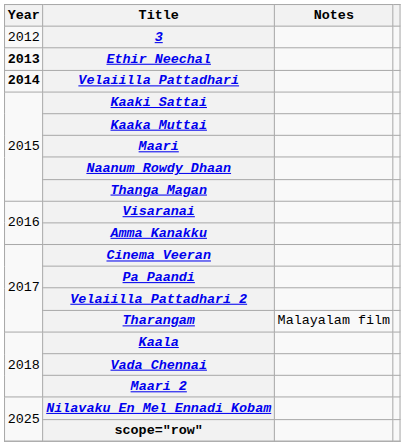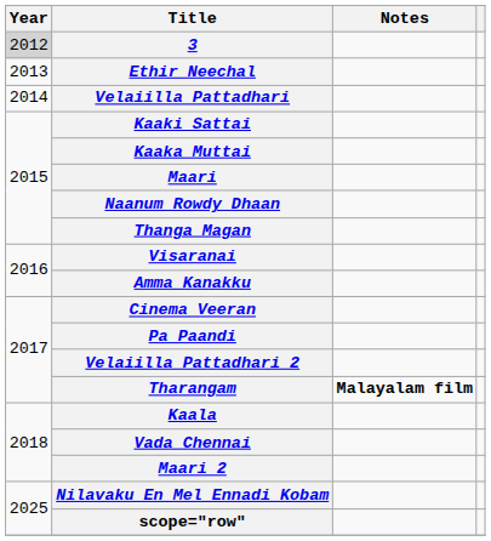 <table class="wikitable plainrowheaders sortable">
 <tr>
 <th scope="col">Year</th>
 <th scope="col">Title</th>
 <th scope="col">Notes</th>
 <th scope="col" class="unsortable"></th>
 </tr>
 <tr>
-<td>2012</td>
+<td style="background: lightgrey;">2012</td>
 <th scope="row"><em><a href='#'>3</a></em></th>
 <td></td>
 <td style="text-align: center;"></td>
 </tr>
 <tr>
-<td><strong>2013</strong></td>
+<td>2013</td>
 <th scope="row"><em><a href='#'>Ethir  Neechal</a></em></th>
 <td></td>
 <td style="text-align: center;"></td>
 </tr>
 <tr>
-<td><strong>2014</strong></td>
+<td>2014</td>
 <th scope="row"><em><a href='#'>Velaiilla Pattadhari</a></em></th>
 <td></td>
 <td style="text-align: center;"></td>
 </tr>
 <tr>
 <td rowspan="5">2015</td>
 <th scope="row"><em><a href='#'>Kaaki Sattai</a></em></th>
 <td></td>
 <td style="text-align: center;"></td>
 </tr>
 <tr>
 <th scope="row"><em><a href='#'>Kaaka Muttai</a></em></th>
 <td></td>
 <td style="text-align: center;"></td>
 </tr>
 <tr>
 <th scope="row"><em><a href='#'>Maari</a></em></th>
 <td></td>
 <td style="text-align: center;"></td>
 </tr>
 <tr>
 <th scope="row"><em><a href='#'>Naanum Rowdy Dhaan</a></em></th>
 <td></td>
 <td style="text-align: center;"></td>
 </tr>
 <tr>
 <th scope="row"><em><a href='#'>Thanga Magan</a></em></th>
 <td></td>
 <td style="text-align: center;"></td>
 </tr>
 <tr>
 <td rowspan="2">2016</td>
 <th scope="row"><em><a href='#'>Visaranai</a></em></th>
 <td></td>
 <td style="text-align: center;"></td>
 </tr>
 <tr>
 <th scope="row"><em><a href='#'>Amma Kanakku</a></em></th>
 <td></td>
 <td style="text-align: center;"></td>
 </tr>
 <tr>
 <td rowspan="4">2017</td>
 <th scope="row"><em><a href='#'>Cinema Veeran</a></em></th>
 <td></td>
 <td style="text-align: center;"></td>
 </tr>
 <tr>
 <th scope="row"><em><a href='#'>Pa Paandi</a></em></th>
 <td></td>
 <td style="text-align: center;"></td>
 </tr>
 <tr>
 <th scope="row"><em><a href='#'>Velaiilla Pattadhari 2</a></em></th>
 <td></td>
 <td style="text-align: center;"></td>
 </tr>
 <tr>
 <th scope="row"><em><a href='#'>Tharangam</a></em></th>
-<td>Malayalam film</td>
+<td><strong>Malayalam film</strong></td>
 <td style="text-align: center;"></td>
 </tr>
 <tr>
 <td rowspan="3">2018</td>
 <th scope="row"><em><a href='#'>Kaala</a></em></th>
 <td></td>
 <td style="text-align: center;"></td>
 </tr>
 <tr>
 <th scope="row"><em><a href='#'>Vada Chennai</a></em></th>
 <td></td>
 <td style="text-align: center;"></td>
 </tr>
 <tr>
 <th scope="row"><em><a href='#'>Maari 2</a></em></th>
 <td></td>
 <td style="text-align: center;"></td>
 </tr>
 <tr>
 <td rowspan=2>2025</td>
 <th scope="row"><em><a href='#'>Nilavaku En Mel Ennadi Kobam</a></em></th>
 <td></td>
 <td style="text-align: center;"></td>
 </tr>
 <tr>
 <th>scope="row" </th>
 <td></td>
 <td style="text-align: center;"></td>
 </tr>
 <tr>
 </tr>
 </table>
